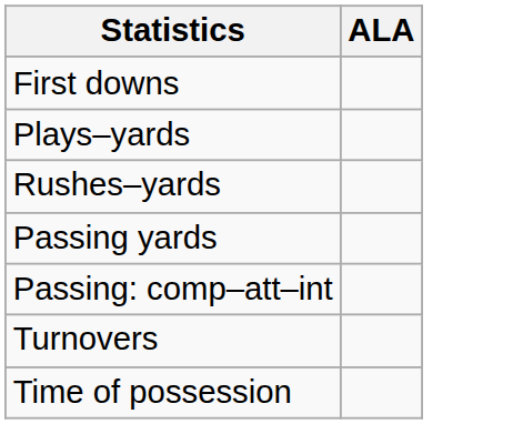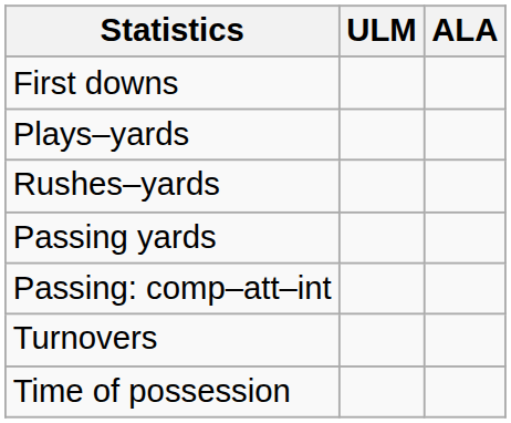 <table class="wikitable" style="float:left">
 <tr>
 <th>Statistics</th>
+<th>ULM</th>
 <th>ALA</th>
 </tr>
 <tr>
 <td>First downs</td>
 <td></td>
+<td></td>
 </tr>
 <tr>
 <td>Plays–yards</td>
+<td></td>
 <td></td>
 </tr>
 <tr>
 <td>Rushes–yards</td>
 <td></td>
+<td></td>
 </tr>
 <tr>
 <td>Passing yards</td>
+<td></td>
 <td></td>
 </tr>
 <tr>
 <td>Passing: comp–att–int</td>
 <td></td>
+<td></td>
 </tr>
 <tr>
 <td>Turnovers</td>
+<td></td>
 <td></td>
 </tr>
 <tr>
 <td>Time of possession</td>
 <td></td>
+<td></td>
 </tr>
 </table>
